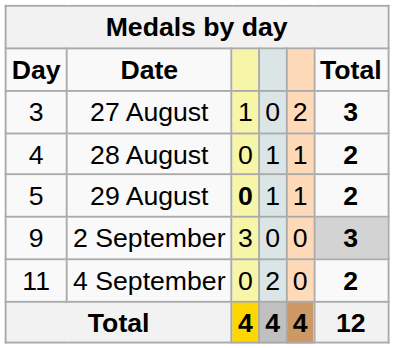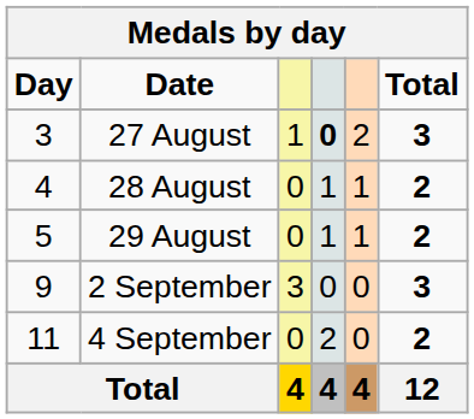 <table class="wikitable" style="font-size:90%; float:right">
 <tr align=center>
 <th colspan=7>Medals by day</th>
 </tr>
 <tr align=center>
 <td><strong>Day</strong></td>
 <td><strong>Date</strong></td>
 <td style="background:#f7f6a8;"></td>
 <td style="background:#dce5e5;"></td>
 <td style="background:#ffdab9;"></td>
 <td><strong>Total</strong></td>
 </tr>
 <tr align=center>
 <td>3</td>
 <td>27 August</td>
 <td style="background:#f7f6a8;">1</td>
-<td style="background:#dce5e5;">0</td>
+<td style="background:#dce5e5;"><strong>0</strong></td>
 <td style="background:#ffdab9;">2</td>
 <td><strong>3</strong></td>
 </tr>
 <tr align=center>
 <td>4</td>
 <td>28 August</td>
 <td style="background:#f7f6a8;">0</td>
 <td style="background:#dce5e5;">1</td>
 <td style="background:#ffdab9;">1</td>
 <td><strong>2</strong></td>
 </tr>
 <tr align=center>
 <td>5</td>
 <td>29 August</td>
-<td style="background:#f7f6a8;"><strong>0</strong></td>
+<td style="background:#f7f6a8;">0</td>
 <td style="background:#dce5e5;">1</td>
 <td style="background:#ffdab9;">1</td>
 <td><strong>2</strong></td>
 </tr>
 <tr align=center>
 <td>9</td>
 <td>2 September</td>
 <td style="background:#f7f6a8;">3</td>
 <td style="background:#dce5e5;">0</td>
 <td style="background:#ffdab9;">0</td>
-<td style="background: lightgrey;"><strong>3</strong></td>
+<td><strong>3</strong></td>
 </tr>
 <tr align=center>
 <td>11</td>
 <td>4 September</td>
 <td style="background:#f7f6a8;">0</td>
 <td style="background:#dce5e5;">2</td>
 <td style="background:#ffdab9;">0</td>
 <td><strong>2</strong></td>
 </tr>
 <tr style="text-align:center">
 <th colspan=2>Total</th>
 <th style="background:gold">4</th>
 <th style="background:silver">4</th>
 <th style="background:#c96">4</th>
 <th>12</th>
 </tr>
 </table>
